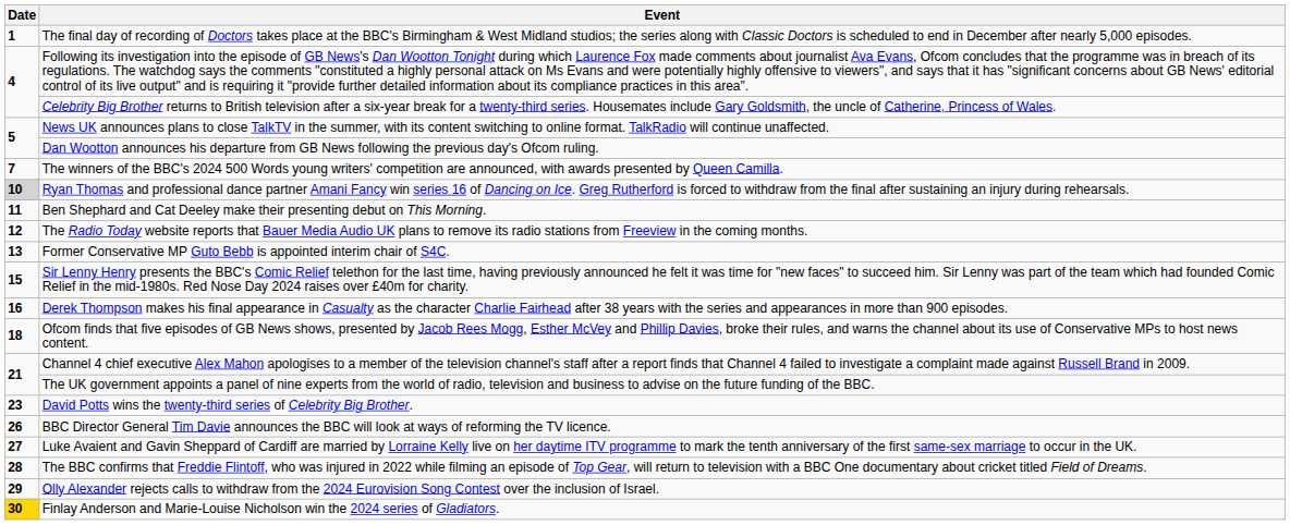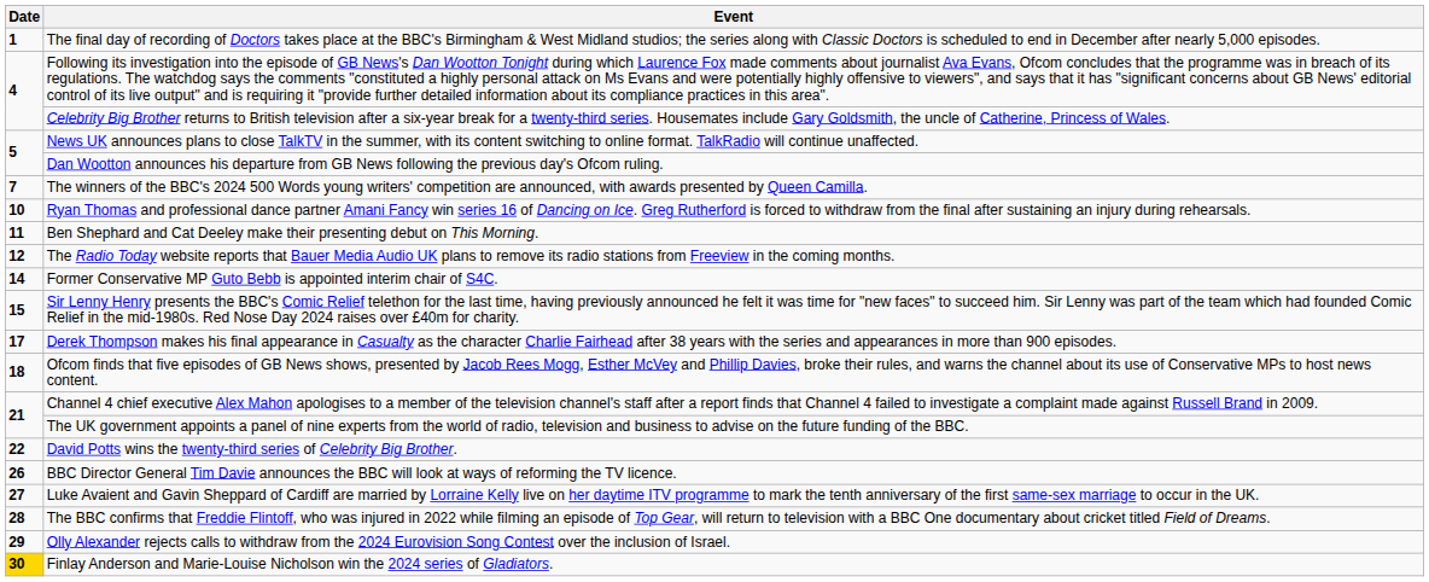 <table class="wikitable">
 <tr>
 <th>Date</th>
 <th>Event</th>
 </tr>
 <tr>
 <td><strong>1</strong></td>
 <td>The final day of recording of <em><a href='#'>Doctors</a></em> takes place at the BBC's Birmingham & West Midland studios; the series along with <em>Classic Doctors</em> is scheduled to end in December after nearly 5,000 episodes.</td>
 </tr>
 <tr>
 <td rowspan=2><strong>4</strong></td>
 <td>Following its investigation into the episode of <a href='#'>GB News</a>'s <em><a href='#'>Dan Wootton Tonight</a></em> during which <a href='#'>Laurence Fox</a> made comments about journalist <a href='#'>Ava Evans</a>, Ofcom concludes that the programme was in breach of its regulations. The watchdog says the comments "constituted a highly personal attack on Ms Evans and were potentially highly offensive to viewers", and says that it has "significant concerns about GB News' editorial control of its live output" and is requiring it "provide further detailed information about its compliance practices in this area".</td>
 </tr>
 <tr>
 <td><em><a href='#'>Celebrity Big Brother</a></em> returns to British television after a six-year break for a <a href='#'>twenty-third series</a>. Housemates include <a href='#'>Gary Goldsmith</a>, the uncle of <a href='#'>Catherine, Princess of Wales</a>.</td>
 </tr>
 <tr>
 <td rowspan=2><strong>5</strong></td>
 <td><a href='#'>News UK</a> announces plans to close <a href='#'>TalkTV</a> in the summer, with its content switching to online format. <a href='#'>TalkRadio</a> will continue unaffected.</td>
 </tr>
 <tr>
 <td><a href='#'>Dan Wootton</a> announces his departure from GB News following the previous day's Ofcom ruling.</td>
 </tr>
 <tr>
 <td><strong>7</strong></td>
 <td>The winners of the BBC's 2024 500 Words young writers' competition are announced, with awards presented by <a href='#'>Queen Camilla</a>.</td>
 </tr>
 <tr>
-<td style="background: lightgrey;"><strong>10</strong></td>
+<td><strong>10</strong></td>
 <td><a href='#'>Ryan Thomas</a> and professional dance partner <a href='#'>Amani Fancy</a> win <a href='#'>series 16</a> of <em><a href='#'>Dancing on Ice</a></em>. <a href='#'>Greg Rutherford</a> is forced to withdraw from the final after sustaining an injury during rehearsals.</td>
 </tr>
 <tr>
 <td><strong>11</strong></td>
 <td>Ben Shephard and Cat Deeley make their presenting debut on <em>This Morning</em>.</td>
 </tr>
 <tr>
 <td><strong>12</strong></td>
 <td>The <em><a href='#'>Radio Today</a></em> website reports that <a href='#'>Bauer Media Audio UK</a> plans to remove its radio stations from <a href='#'>Freeview</a> in the coming months.</td>
 </tr>
 <tr>
-<td><strong>13</strong></td>
+<td><strong>14</strong></td>
 <td>Former Conservative MP <a href='#'>Guto Bebb</a> is appointed interim chair of <a href='#'>S4C</a>.</td>
 </tr>
 <tr>
 <td><strong>15</strong></td>
 <td><a href='#'>Sir Lenny Henry</a> presents the BBC's <a href='#'>Comic Relief</a> telethon for the last time, having previously announced he felt it was time for "new faces" to succeed him. Sir Lenny was part of the team which had founded Comic Relief in the mid-1980s. Red Nose Day 2024 raises over £40m for charity.</td>
 </tr>
 <tr>
-<td><strong>16</strong></td>
+<td><strong>17</strong></td>
 <td><a href='#'>Derek Thompson</a> makes his final appearance in <em><a href='#'>Casualty</a></em> as the character <a href='#'>Charlie Fairhead</a> after 38 years with the series and appearances in more than 900 episodes.</td>
 </tr>
 <tr>
 <td><strong>18</strong></td>
 <td>Ofcom finds that five episodes of GB News shows, presented by <a href='#'>Jacob Rees Mogg</a>, <a href='#'>Esther McVey</a> and <a href='#'>Phillip Davies</a>, broke their rules, and warns the channel about its use of Conservative MPs to host news content.</td>
 </tr>
 <tr>
 <td rowspan=2><strong>21</strong></td>
 <td>Channel 4 chief executive <a href='#'>Alex Mahon</a> apologises to a member of the television channel's staff after a report finds that Channel 4 failed to investigate a complaint made against <a href='#'>Russell Brand</a> in 2009.</td>
 </tr>
 <tr>
 <td>The UK government appoints a panel of nine experts from the world of radio, television and business to advise on the future funding of the BBC.</td>
 </tr>
 <tr>
-<td><strong>23</strong></td>
+<td><strong>22</strong></td>
 <td><a href='#'>David Potts</a> wins the <a href='#'>twenty-third series</a> of <em><a href='#'>Celebrity Big Brother</a></em>.</td>
 </tr>
 <tr>
 <td><strong>26</strong></td>
 <td>BBC Director General <a href='#'>Tim Davie</a> announces the BBC will look at ways of reforming the TV licence.</td>
 </tr>
 <tr>
 <td><strong>27</strong></td>
 <td>Luke Avaient and Gavin Sheppard of Cardiff are married by <a href='#'>Lorraine Kelly</a> live on <a href='#'>her daytime ITV programme</a> to mark the tenth anniversary of the first <a href='#'>same-sex marriage</a> to occur in the UK.</td>
 </tr>
 <tr>
 <td><strong>28</strong></td>
 <td>The BBC confirms that <a href='#'>Freddie Flintoff</a>, who was injured in 2022 while filming an episode of <em><a href='#'>Top Gear</a></em>, will return to television with a BBC One documentary about cricket titled <em>Field of Dreams</em>.</td>
 </tr>
 <tr>
 <td><strong>29</strong></td>
 <td><a href='#'>Olly Alexander</a> rejects calls to withdraw from the <a href='#'>2024 Eurovision Song Contest</a> over the inclusion of Israel.</td>
 </tr>
 <tr>
 <td style="background: gold;"><strong>30</strong></td>
 <td>Finlay Anderson and Marie-Louise Nicholson win the <a href='#'>2024 series</a> of <em><a href='#'>Gladiators</a></em>.</td>
 </tr>
 </table>
